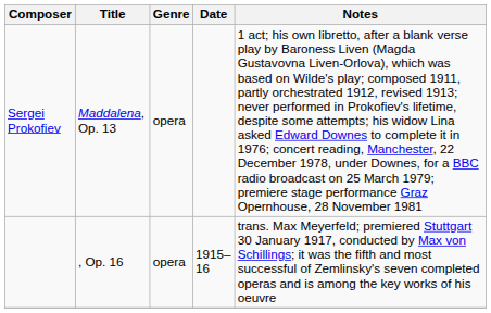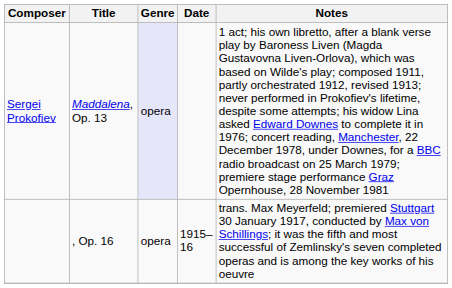 <table class="wikitable sortable" style="text-align: left">
 <tr>
 <th>Composer</th>
 <th>Title</th>
 <th>Genre</th>
 <th>Date</th>
 <th>Notes</th>
 </tr>
 <tr>
 <td><a href='#'>Sergei Prokofiev</a></td>
 <td><em><a href='#'>Maddalena</a></em>, Op. 13</td>
-<td>opera</td>
+<td style="background: lavender;">opera</td>
 <td></td>
 <td>1 act; his own libretto, after a blank verse play by Baroness Liven (Magda Gustavovna Liven-Orlova), which was based on Wilde's play; composed 1911, partly orchestrated 1912, revised 1913; never performed in Prokofiev's lifetime, despite some attempts; his widow Lina asked <a href='#'>Edward Downes</a> to complete it in 1976; concert reading, <a href='#'>Manchester</a>, 22 December 1978, under Downes, for a <a href='#'>BBC</a> radio broadcast on 25 March 1979; premiere stage performance <a href='#'>Graz</a> Opernhouse, 28 November 1981</td>
 </tr>
 <tr>
 <td></td>
 <td>, Op. 16</td>
 <td>opera</td>
 <td>1915–16</td>
 <td>trans. Max Meyerfeld; premiered <a href='#'>Stuttgart</a> 30 January 1917, conducted by <a href='#'>Max von Schillings</a>; it was the fifth and most successful of Zemlinsky's seven completed operas and is among the key works of his oeuvre</td>
 </tr>
 <tr>
 </tr>
 </table>
